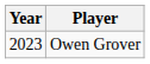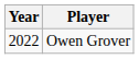 <table class="wikitable" style="text-align: center">
 <tr align=center>
 <th>Year</th>
 <th>Player</th>
 </tr>
 <tr>
-<td>2023</td>
+<td>2022</td>
 <td>Owen Grover</td>
 </tr>
 </table>
